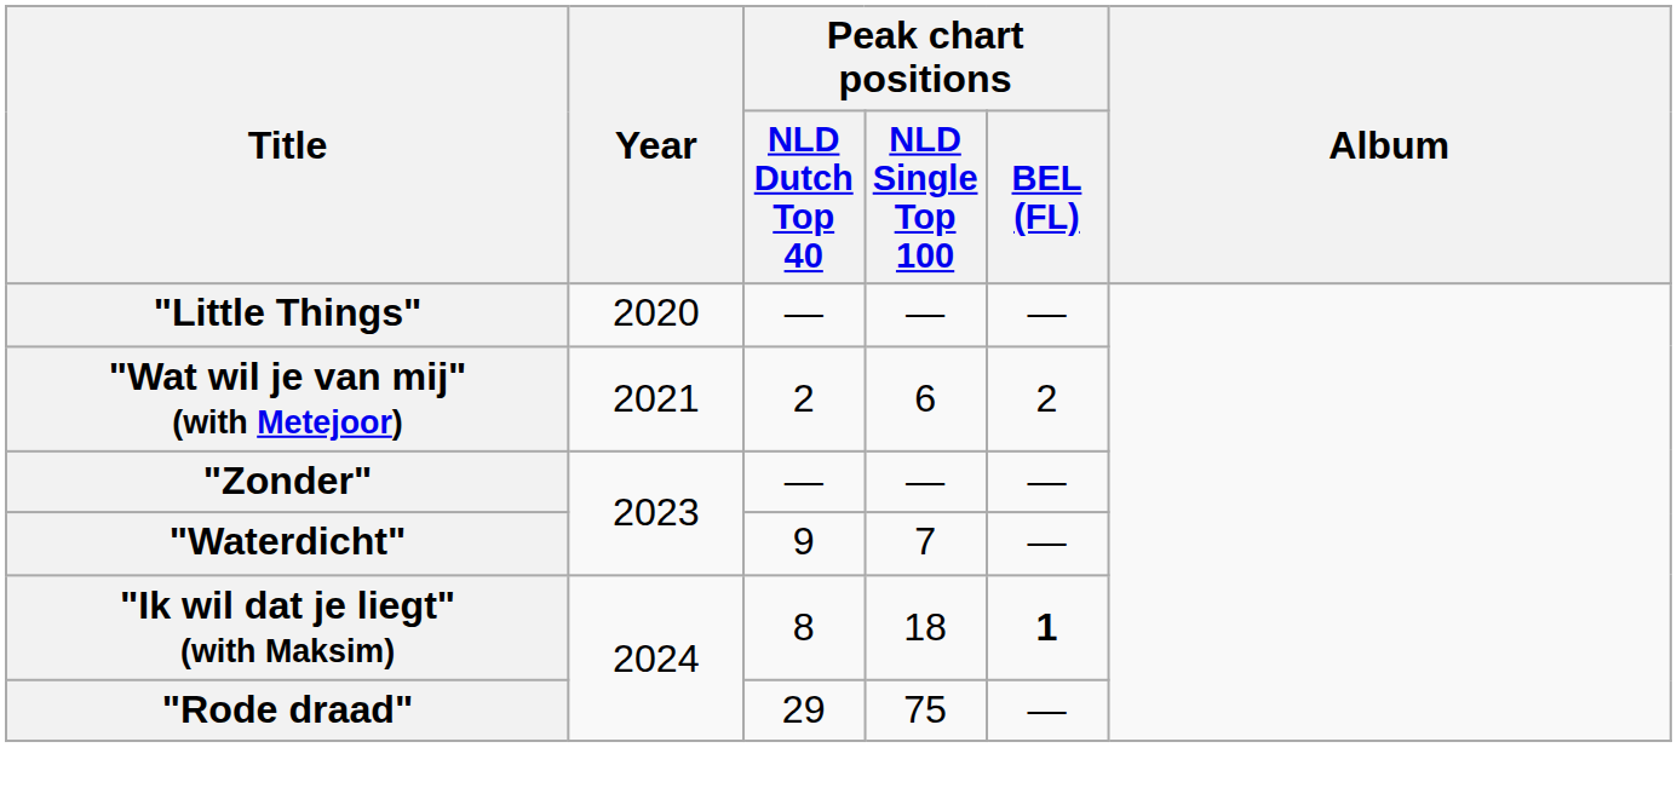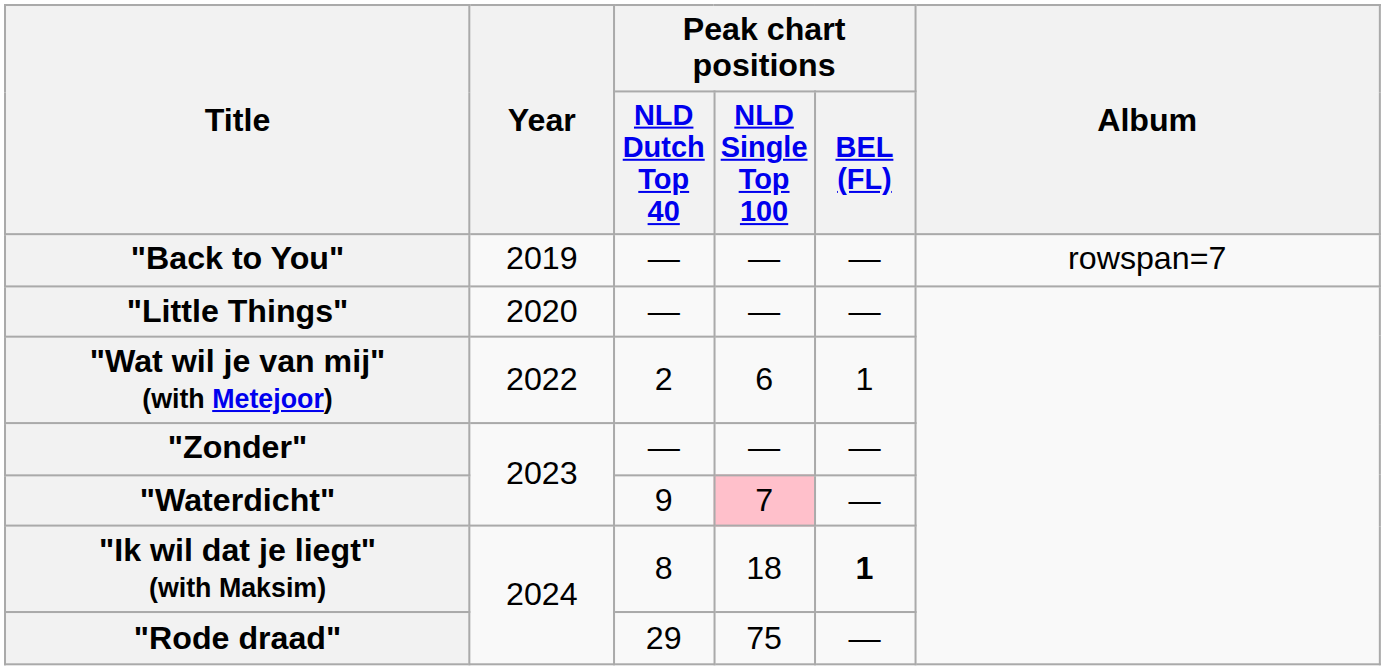 <table class="wikitable plainrowheaders" style="text-align:center;">
 <tr>
 <th scope="col" rowspan="2" style="width:14em;">Title</th>
 <th scope="col" rowspan="2" style="width:4em;">Year</th>
 <th scope="col" colspan="3">Peak chart positions</th>
 <th scope="col" rowspan="2" style="width:14em;">Album</th>
 </tr>
 <tr>
 <th scope="col" style="width:3em;font-size:90%;"><a href='#'>NLD<br>Dutch<br>Top 40</a><br></th>
 <th scope="col" style="width:3em;font-size:90%;"><a href='#'>NLD<br>Single<br>Top 100</a><br></th>
 <th scope="col" style="width:3em;font-size:90%;"><a href='#'>BEL<br>(FL)</a><br></th>
 </tr>
 <tr>
+<th scope="row">"Back to You"</th>
+<td>2019</td>
+<td>—</td>
+<td>—</td>
+<td>—</td>
+<td>rowspan=7 </td>
+</tr>
+<tr>
 <th scope="row">"Little Things"</th>
 <td>2020</td>
 <td>—</td>
 <td>—</td>
 <td>—</td>
 </tr>
 <tr>
 <th scope="row">"Wat wil je van mij"<br><small>(with <a href='#'>Metejoor</a>)</small></th>
-<td>2021</td>
+<td>2022</td>
 <td>2</td>
 <td>6</td>
-<td>2</td>
+<td>1</td>
 </tr>
 <tr>
 <th scope="row">"Zonder"</th>
 <td rowspan=2>2023</td>
 <td>—</td>
 <td>—</td>
 <td>—</td>
 </tr>
 <tr>
 <th scope="row">"Waterdicht"</th>
 <td>9</td>
-<td>7</td>
+<td style="background: pink;">7</td>
 <td>—</td>
 </tr>
 <tr>
 <th scope="row">"Ik wil dat je liegt"<br><small>(with Maksim)</small></th>
 <td rowspan="2">2024</td>
 <td>8</td>
 <td>18</td>
 <td><strong>1</strong></td>
 </tr>
 <tr>
 <th scope="row">"Rode draad"</th>
 <td>29</td>
 <td>75</td>
 <td>—</td>
 </tr>
 </table>
